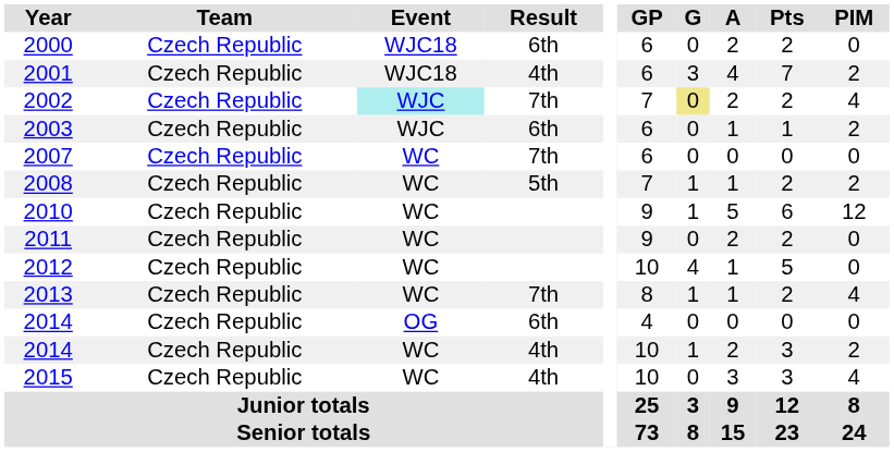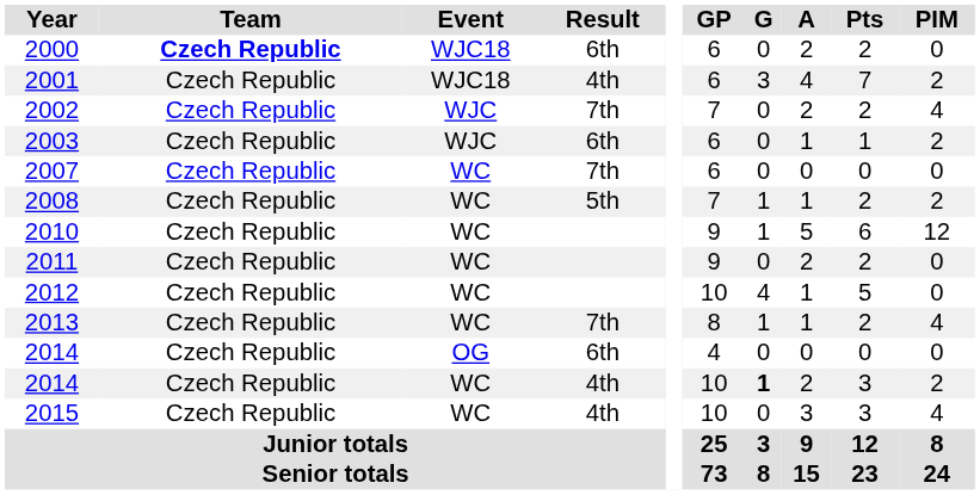 <table border="0" cellpadding="1" cellspacing="0" style="text-align:center; width:40em">
 <tr ALIGN="center" bgcolor="#e0e0e0">
 <th>Year</th>
 <th>Team</th>
 <th>Event</th>
 <th>Result</th>
 <th rowspan="99" bgcolor="#ffffff"> </th>
 <th>GP</th>
 <th>G</th>
 <th>A</th>
 <th>Pts</th>
 <th>PIM</th>
 </tr>
 <tr>
 <td><a href='#'>2000</a></td>
-<td><a href='#'>Czech Republic</a></td>
+<td><strong><a href='#'>Czech Republic</a></strong></td>
 <td><a href='#'>WJC18</a></td>
 <td>6th</td>
 <td>6</td>
 <td>0</td>
 <td>2</td>
 <td>2</td>
 <td>0</td>
 </tr>
 <tr bgcolor="#f0f0f0">
 <td><a href='#'>2001</a></td>
 <td>Czech Republic</td>
 <td>WJC18</td>
 <td>4th</td>
 <td>6</td>
 <td>3</td>
 <td>4</td>
 <td>7</td>
 <td>2</td>
 </tr>
 <tr>
 <td><a href='#'>2002</a></td>
 <td><a href='#'>Czech Republic</a></td>
-<td style="background: paleturquoise;"><a href='#'>WJC</a></td>
+<td><a href='#'>WJC</a></td>
 <td>7th</td>
 <td>7</td>
-<td style="background: khaki;">0</td>
+<td>0</td>
 <td>2</td>
 <td>2</td>
 <td>4</td>
 </tr>
 <tr bgcolor="#f0f0f0">
 <td><a href='#'>2003</a></td>
 <td>Czech Republic</td>
 <td>WJC</td>
 <td>6th</td>
 <td>6</td>
 <td>0</td>
 <td>1</td>
 <td>1</td>
 <td>2</td>
 </tr>
 <tr>
 <td><a href='#'>2007</a></td>
 <td><a href='#'>Czech Republic</a></td>
 <td><a href='#'>WC</a></td>
 <td>7th</td>
 <td>6</td>
 <td>0</td>
 <td>0</td>
 <td>0</td>
 <td>0</td>
 </tr>
 <tr bgcolor="#f0f0f0">
 <td><a href='#'>2008</a></td>
 <td>Czech Republic</td>
 <td>WC</td>
 <td>5th</td>
 <td>7</td>
 <td>1</td>
 <td>1</td>
 <td>2</td>
 <td>2</td>
 </tr>
 <tr>
 <td><a href='#'>2010</a></td>
 <td>Czech Republic</td>
 <td>WC</td>
 <td></td>
 <td>9</td>
 <td>1</td>
 <td>5</td>
 <td>6</td>
 <td>12</td>
 </tr>
 <tr bgcolor="#f0f0f0">
 <td><a href='#'>2011</a></td>
 <td>Czech Republic</td>
 <td>WC</td>
 <td></td>
 <td>9</td>
 <td>0</td>
 <td>2</td>
 <td>2</td>
 <td>0</td>
 </tr>
 <tr>
 <td><a href='#'>2012</a></td>
 <td>Czech Republic</td>
 <td>WC</td>
 <td></td>
 <td>10</td>
 <td>4</td>
 <td>1</td>
 <td>5</td>
 <td>0</td>
 </tr>
 <tr bgcolor="#f0f0f0">
 <td><a href='#'>2013</a></td>
 <td>Czech Republic</td>
 <td>WC</td>
 <td>7th</td>
 <td>8</td>
 <td>1</td>
 <td>1</td>
 <td>2</td>
 <td>4</td>
 </tr>
 <tr>
 <td><a href='#'>2014</a></td>
 <td>Czech Republic</td>
 <td><a href='#'>OG</a></td>
 <td>6th</td>
 <td>4</td>
 <td>0</td>
 <td>0</td>
 <td>0</td>
 <td>0</td>
 </tr>
 <tr bgcolor="#f0f0f0">
 <td><a href='#'>2014</a></td>
 <td>Czech Republic</td>
 <td>WC</td>
 <td>4th</td>
 <td>10</td>
-<td>1</td>
+<td><strong>1</strong></td>
 <td>2</td>
 <td>3</td>
 <td>2</td>
 </tr>
 <tr>
 <td><a href='#'>2015</a></td>
 <td>Czech Republic</td>
 <td>WC</td>
 <td>4th</td>
 <td>10</td>
 <td>0</td>
 <td>3</td>
 <td>3</td>
 <td>4</td>
 </tr>
 <tr bgcolor="#e0e0e0">
 <th colspan="4">Junior totals</th>
 <th>25</th>
 <th>3</th>
 <th>9</th>
 <th>12</th>
 <th>8</th>
 </tr>
 <tr bgcolor="#e0e0e0">
 <th colspan="4">Senior totals</th>
 <th>73</th>
 <th>8</th>
 <th>15</th>
 <th>23</th>
 <th>24</th>
 </tr>
 </table>
